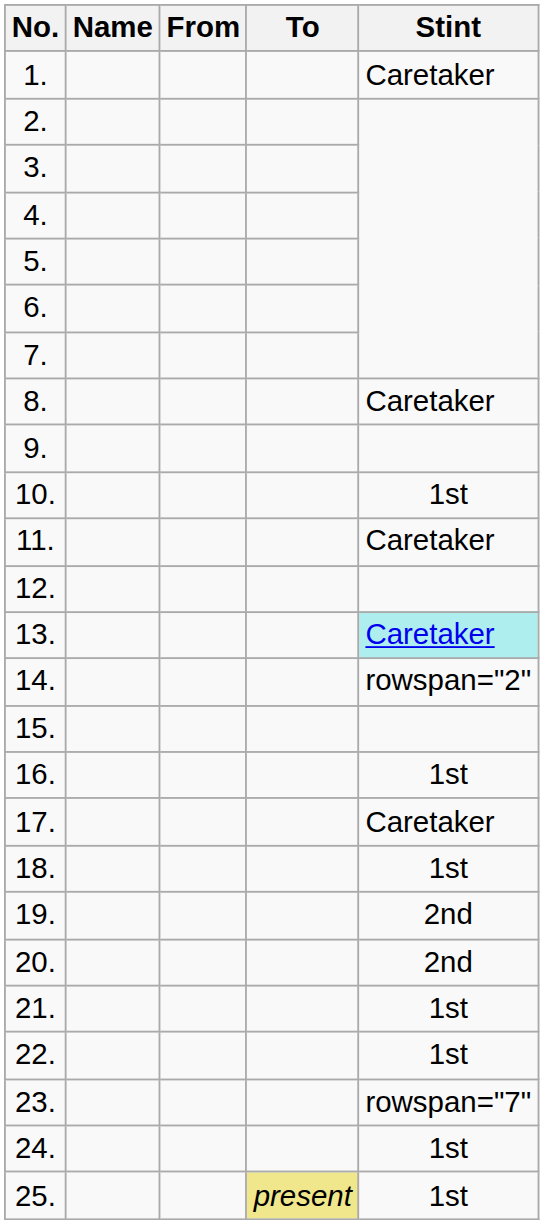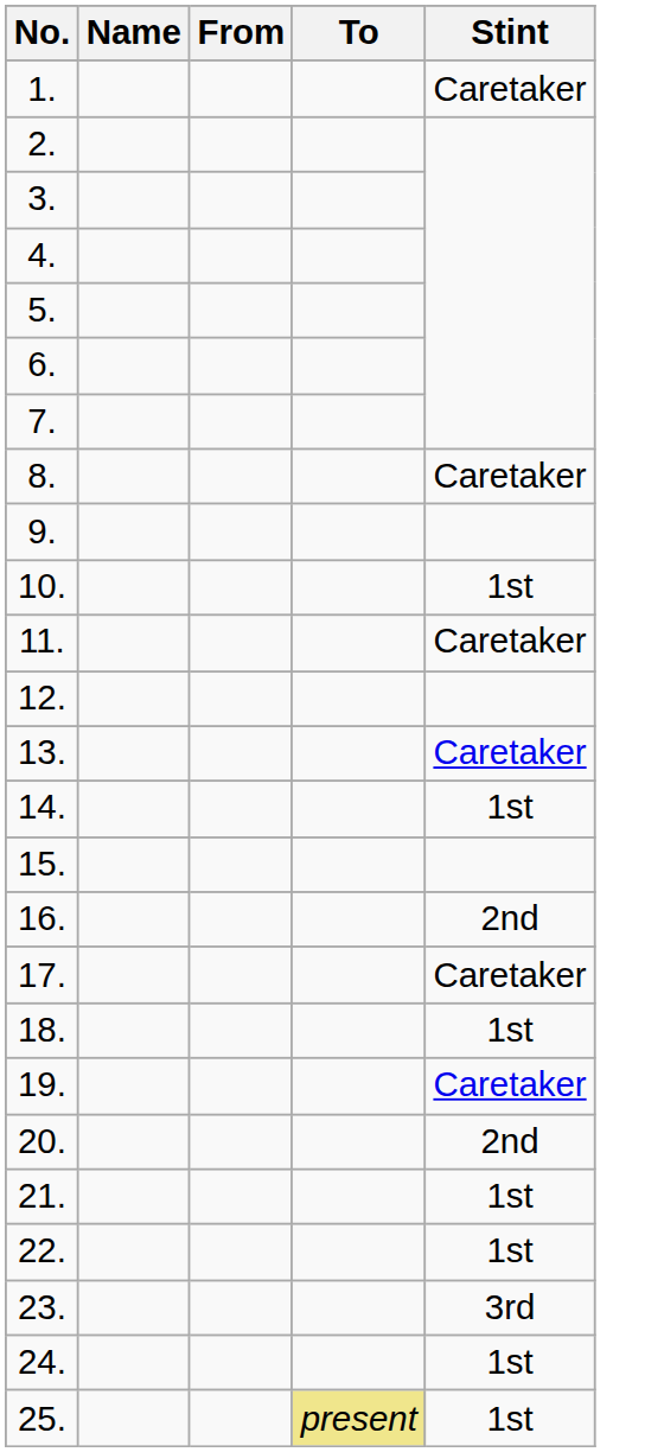 <table class="wikitable">
 <tr>
 <th>No.</th>
 <th>Name</th>
 <th>From</th>
 <th>To</th>
 <th>Stint</th>
 </tr>
 <tr>
 <td align="center">1.</td>
 <td> </td>
 <td></td>
 <td></td>
 <td>Caretaker</td>
 </tr>
 <tr>
 <td align="center">2.</td>
 <td> </td>
 <td></td>
 <td></td>
 </tr>
 <tr>
 <td align="center">3.</td>
 <td> </td>
 <td></td>
 <td></td>
 </tr>
 <tr>
 <td align="center">4.</td>
 <td> </td>
 <td></td>
 <td></td>
 </tr>
 <tr>
 <td align="center">5.</td>
 <td> </td>
 <td></td>
 <td></td>
 </tr>
 <tr>
 <td align="center">6.</td>
 <td> </td>
 <td></td>
 <td></td>
 </tr>
 <tr>
 <td align="center">7.</td>
 <td> </td>
 <td></td>
 <td></td>
 </tr>
 <tr>
 <td align="center">8.</td>
 <td> </td>
 <td></td>
 <td></td>
 <td>Caretaker</td>
 </tr>
 <tr>
 <td align="center">9.</td>
 <td> </td>
 <td></td>
 <td></td>
 <td></td>
 </tr>
 <tr>
 <td align="center">10.</td>
 <td> </td>
 <td></td>
 <td></td>
 <td align="center">1st</td>
 </tr>
 <tr>
 <td align="center">11.</td>
 <td> </td>
 <td></td>
 <td></td>
 <td>Caretaker</td>
 </tr>
 <tr>
 <td align="center">12.</td>
 <td> </td>
 <td></td>
 <td></td>
 <td></td>
 </tr>
 <tr>
 <td align="center">13.</td>
 <td> </td>
 <td></td>
 <td></td>
-<td style="background: paleturquoise;"><a href='#'>Caretaker</a></td>
+<td><a href='#'>Caretaker</a></td>
 </tr>
 <tr>
 <td align="center">14.</td>
 <td> </td>
 <td></td>
 <td></td>
-<td>rowspan="2" </td>
+<td align="center">1st</td>
 </tr>
 <tr>
 <td align="center">15.</td>
 <td> </td>
 <td></td>
 <td></td>
 </tr>
 <tr>
 <td align="center">16.</td>
 <td> </td>
 <td></td>
 <td></td>
-<td align="center">1st</td>
+<td align="center">2nd</td>
 </tr>
 <tr>
 <td align="center">17.</td>
 <td> </td>
 <td></td>
 <td></td>
 <td>Caretaker</td>
 </tr>
 <tr>
 <td align="center">18.</td>
 <td> <br> </td>
 <td></td>
 <td></td>
 <td align="center">1st</td>
 </tr>
 <tr>
 <td align="center">19.</td>
 <td> </td>
 <td></td>
 <td></td>
-<td align="center">2nd</td>
+<td><a href='#'>Caretaker</a></td>
 </tr>
 <tr>
 <td align="center">20.</td>
 <td> </td>
 <td></td>
 <td></td>
 <td align="center">2nd</td>
 </tr>
 <tr>
 <td align="center">21.</td>
 <td> </td>
 <td></td>
 <td></td>
 <td align="center">1st</td>
 </tr>
 <tr>
 <td align="center">22.</td>
 <td> </td>
 <td></td>
 <td></td>
 <td align="center">1st</td>
 </tr>
 <tr>
 <td align="center">23.</td>
 <td> </td>
 <td></td>
 <td></td>
-<td>rowspan="7" </td>
+<td align="center">3rd</td>
 </tr>
 <tr>
 <td align="center">24.</td>
 <td> </td>
 <td></td>
 <td></td>
 <td align="center">1st</td>
 </tr>
 <tr>
 <td align="center">25.</td>
 <td> </td>
 <td></td>
 <td style="background: khaki;"><em>present</em></td>
 <td align="center">1st</td>
 </tr>
 </table>
